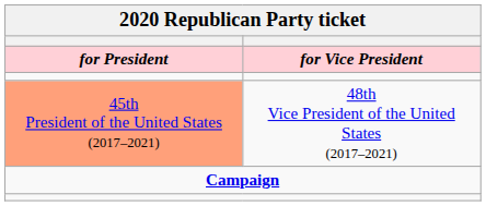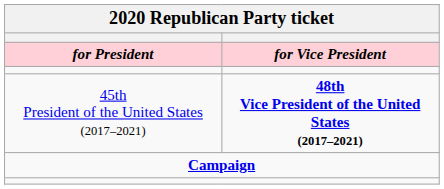 <table class="wikitable" style="font-size:90%;text-align:center">
 <tr>
 <td style="background:#F1F1F1" colspan="30"><big><strong>2020 Republican Party ticket</strong></big></td>
 </tr>
 <tr>
 <th style="width:3em;font-size:135%;background:"><a href='#'></a></th>
 <th style="width:3em;font-size:135%;background:"><a href='#'></a></th>
 </tr>
 <tr>
 <td style="width:3em;font-size:100%;color:#000;background:#FFD0D7;width:200px"><strong><em>for President</em></strong></td>
 <td style="width:3em;font-size:100%;color:#000;background:#FFD0D7;width:200px"><strong><em>for Vice President</em></strong></td>
 </tr>
 <tr>
 <td></td>
 <td></td>
 </tr>
 <tr>
-<td style="background: lightsalmon;"><a href='#'>45th</a><br><a href='#'>President of the United States</a><br><small>(2017–2021)</small></td>
-<td><a href='#'>48th</a><br><a href='#'>Vice President of the United States</a><br><small>(2017–2021)</small></td>
+<td><a href='#'>45th</a><br><a href='#'>President of the United States</a><br><small>(2017–2021)</small></td>
+<td><strong><a href='#'>48th</a><br><a href='#'>Vice President of the United States</a><br><small>(2017–2021)</small></strong></td>
 </tr>
 <tr>
 <td colspan=2><strong><a href='#'>Campaign</a></strong></td>
 </tr>
 <tr>
 <td colspan=2></td>
 </tr>
 </table>
